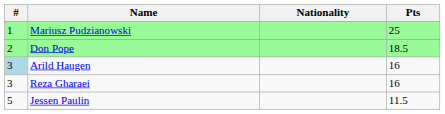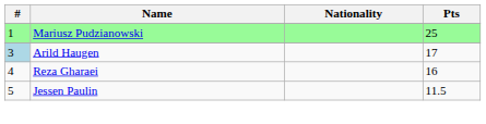 <table class="wikitable" style="display: inline-table; width: 50%;">
 <tr>
 <th>#</th>
 <th>Name</th>
 <th>Nationality</th>
 <th>Pts</th>
 </tr>
 <tr>
 </tr>
 <tr style="background:palegreen">
 <td>1</td>
 <td><a href='#'>Mariusz Pudzianowski</a></td>
 <td></td>
 <td>25</td>
 </tr>
 <tr>
 </tr>
-<tr style="background:palegreen">
-<td>2</td>
-<td><a href='#'>Don Pope</a></td>
-<td></td>
-<td>18.5</td>
-</tr>
 <tr>
 <td style="background: lightblue;">3</td>
 <td><a href='#'>Arild Haugen</a></td>
 <td></td>
-<td>16</td>
+<td>17</td>
 </tr>
 <tr>
-<td>3</td>
+<td>4</td>
 <td><a href='#'>Reza Gharaei</a></td>
 <td></td>
 <td>16</td>
 </tr>
 <tr>
 <td>5</td>
 <td><a href='#'>Jessen Paulin</a></td>
 <td></td>
 <td>11.5</td>
 </tr>
 </table>
